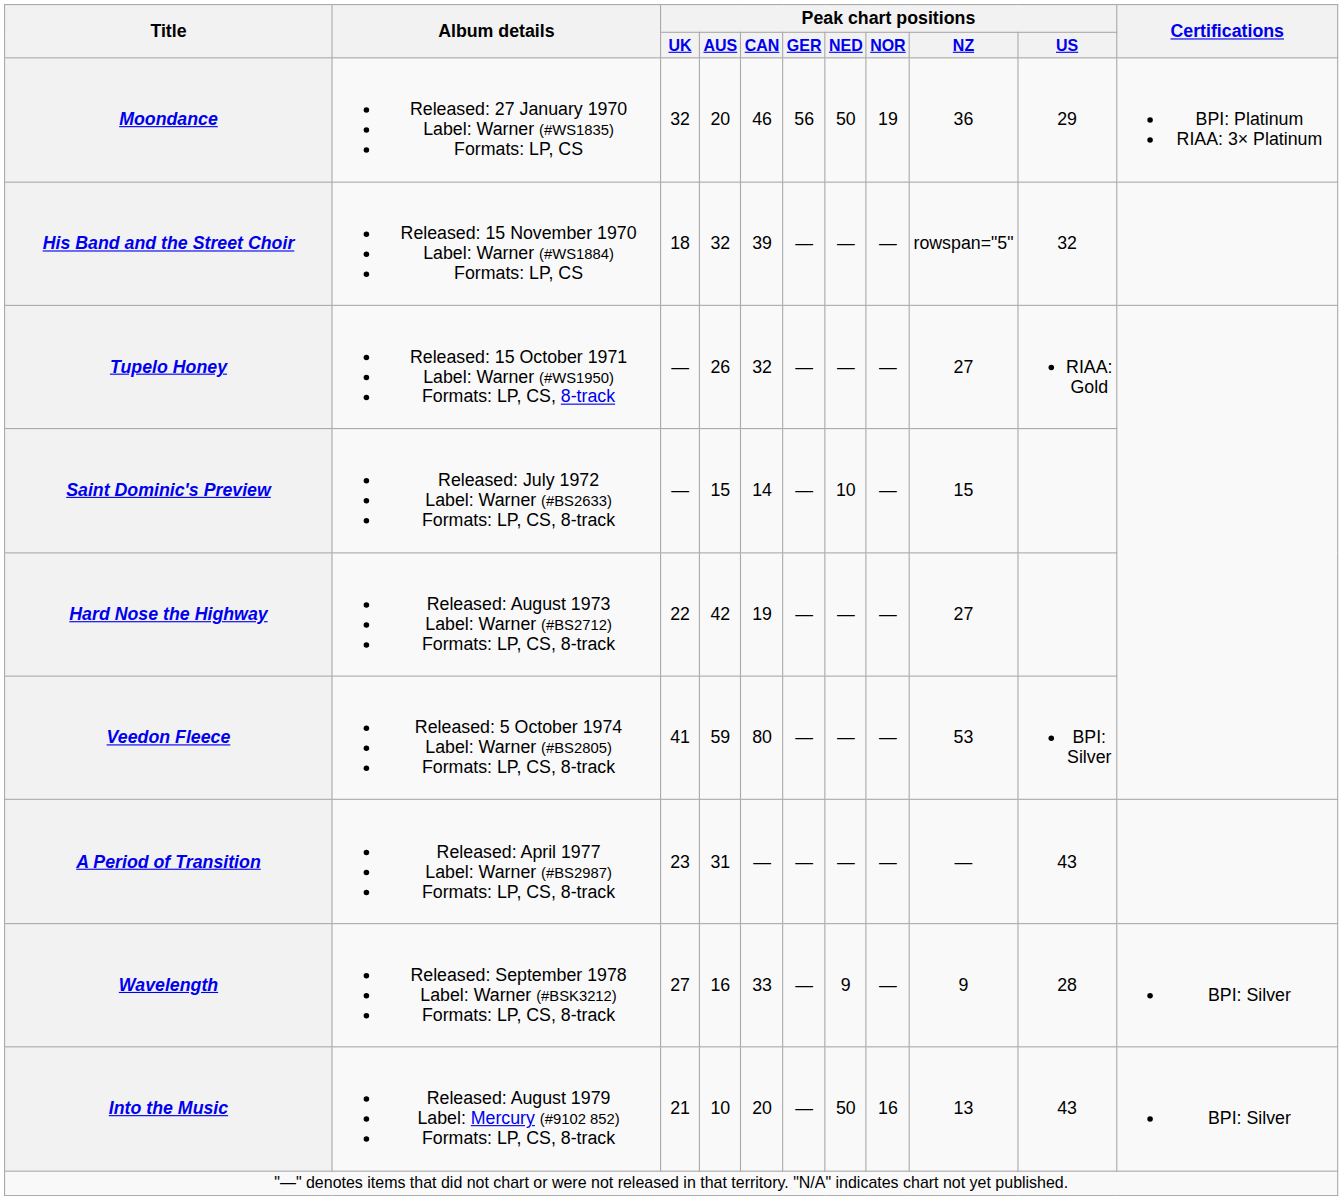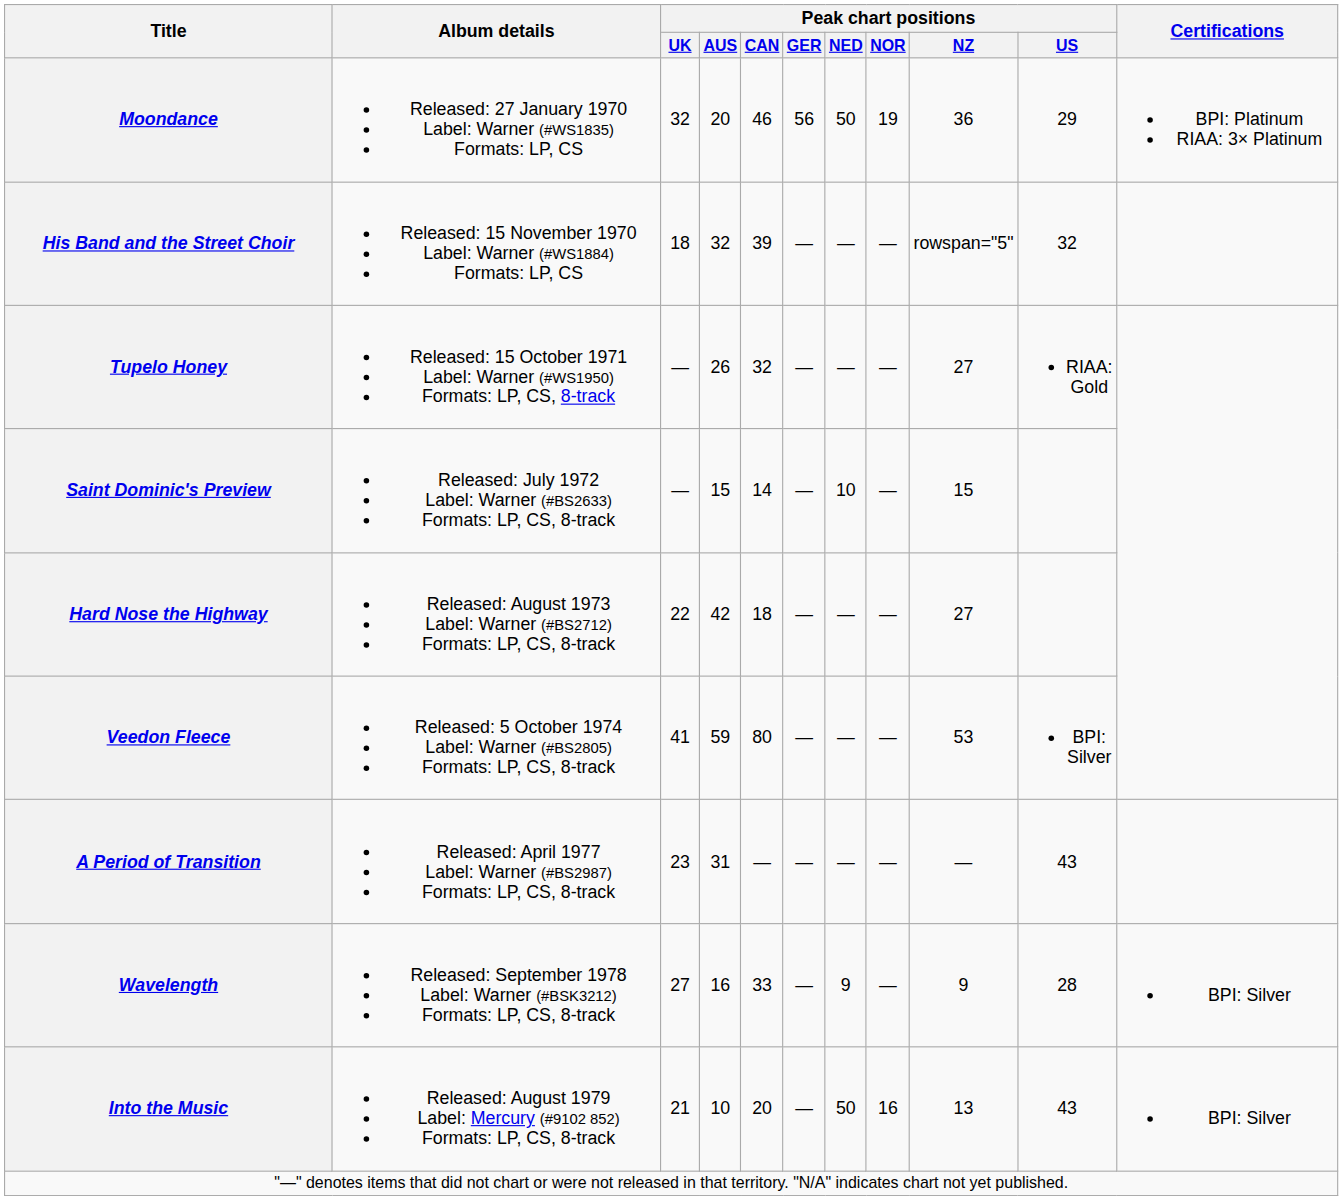 <table class="wikitable plainrowheaders" style="text-align:center;">
 <tr>
 <th scope="col" rowspan="2" style="width:18em;">Title</th>
 <th scope="col" rowspan="2" style="width:18em;">Album details</th>
 <th scope="col" colspan="8">Peak chart positions</th>
 <th scope="col" rowspan="2" style="width:12em;"><a href='#'>Certifications</a></th>
 </tr>
 <tr>
 <th style="width:2em;font-size:90%;"><a href='#'>UK</a><br></th>
 <th style="width:2em;font-size:90%;"><a href='#'>AUS</a><br></th>
 <th style="width:2em;font-size:90%;"><a href='#'>CAN</a><br></th>
 <th style="width:2em;font-size:90%;"><a href='#'>GER</a><br></th>
 <th style="width:2em;font-size:90%;"><a href='#'>NED</a><br></th>
 <th style="width:2em;font-size:90%;"><a href='#'>NOR</a><br></th>
 <th style="width:2em;font-size:90%;"><a href='#'>NZ</a><br></th>
 <th style="width:2em;font-size:90%;"><a href='#'>US</a><br></th>
 </tr>
 <tr>
 <th scope="row"><em><a href='#'>Moondance</a></em></th>
 <td><br><ul><li>Released: 27 January 1970</li><li>Label: Warner <small>(#WS1835)</small></li><li>Formats: LP, CS</li></ul></td>
 <td>32</td>
 <td>20</td>
 <td>46</td>
 <td>56<br></td>
 <td>50</td>
 <td>19</td>
 <td>36<br></td>
 <td>29</td>
 <td><br><ul><li>BPI: Platinum</li><li>RIAA: 3× Platinum</li></ul></td>
 </tr>
 <tr>
 <th scope="row"><em><a href='#'>His Band and the Street Choir</a></em></th>
 <td><br><ul><li>Released: 15 November 1970</li><li>Label: Warner <small>(#WS1884)</small></li><li>Formats: LP, CS</li></ul></td>
 <td>18</td>
 <td>32</td>
 <td>39</td>
 <td>—</td>
 <td>—</td>
 <td>—</td>
 <td>rowspan="5" </td>
 <td>32</td>
 <td></td>
 </tr>
 <tr>
 <th scope="row"><em><a href='#'>Tupelo Honey</a></em></th>
 <td><br><ul><li>Released: 15 October 1971</li><li>Label: Warner <small>(#WS1950)</small></li><li>Formats: LP, CS, <a href='#'>8-track</a></li></ul></td>
 <td>—</td>
 <td>26</td>
 <td>32</td>
 <td>—</td>
 <td>—</td>
 <td>—</td>
 <td>27</td>
 <td><br><ul><li>RIAA: Gold</li></ul></td>
 </tr>
 <tr>
 <th scope="row"><em><a href='#'>Saint Dominic's Preview</a></em></th>
 <td><br><ul><li>Released: July 1972</li><li>Label: Warner <small>(#BS2633)</small></li><li>Formats: LP, CS, 8-track</li></ul></td>
 <td>—</td>
 <td>15</td>
 <td>14</td>
 <td>—</td>
 <td>10</td>
 <td>—</td>
 <td>15</td>
 <td></td>
 </tr>
 <tr>
 <th scope="row"><em><a href='#'>Hard Nose the Highway</a></em></th>
 <td><br><ul><li>Released: August 1973</li><li>Label: Warner <small>(#BS2712)</small></li><li>Formats: LP, CS, 8-track</li></ul></td>
 <td>22</td>
 <td>42</td>
-<td>19</td>
+<td>18</td>
 <td>—</td>
 <td>—</td>
 <td>—</td>
 <td>27</td>
 <td></td>
 </tr>
 <tr>
 <th scope="row"><em><a href='#'>Veedon Fleece</a></em></th>
 <td><br><ul><li>Released: 5 October 1974</li><li>Label: Warner <small>(#BS2805)</small></li><li>Formats: LP, CS, 8-track</li></ul></td>
 <td>41</td>
 <td>59</td>
 <td>80</td>
 <td>—</td>
 <td>—</td>
 <td>—</td>
 <td>53</td>
 <td><br><ul><li>BPI: Silver</li></ul></td>
 </tr>
 <tr>
 <th scope="row"><em><a href='#'>A Period of Transition</a></em></th>
 <td><br><ul><li>Released: April 1977</li><li>Label: Warner <small>(#BS2987)</small></li><li>Formats: LP, CS, 8-track</li></ul></td>
 <td>23</td>
 <td>31</td>
 <td>—</td>
 <td>—</td>
 <td>—</td>
 <td>—</td>
 <td>—</td>
 <td>43</td>
 <td></td>
 </tr>
 <tr>
 <th scope="row"><em><a href='#'>Wavelength</a></em></th>
 <td><br><ul><li>Released: September 1978</li><li>Label: Warner <small>(#BSK3212)</small></li><li>Formats: LP, CS, 8-track</li></ul></td>
 <td>27</td>
 <td>16</td>
 <td>33</td>
 <td>—</td>
 <td>9</td>
 <td>—</td>
 <td>9</td>
 <td>28</td>
 <td><br><ul><li>BPI: Silver</li></ul></td>
 </tr>
 <tr>
 <th scope="row"><em><a href='#'>Into the Music</a></em></th>
 <td><br><ul><li>Released: August 1979</li><li>Label: <a href='#'>Mercury</a> <small>(#9102 852)</small></li><li>Formats: LP, CS, 8-track</li></ul></td>
 <td>21</td>
 <td>10</td>
 <td>20</td>
 <td>—</td>
 <td>50</td>
 <td>16</td>
 <td>13</td>
 <td>43</td>
 <td><br><ul><li>BPI: Silver</li></ul></td>
 </tr>
 <tr>
 <td align="center" colspan="15" style="font-size:90%">"—" denotes items that did not chart or were not released in that territory. "N/A" indicates chart not yet published.</td>
 </tr>
 </table>
